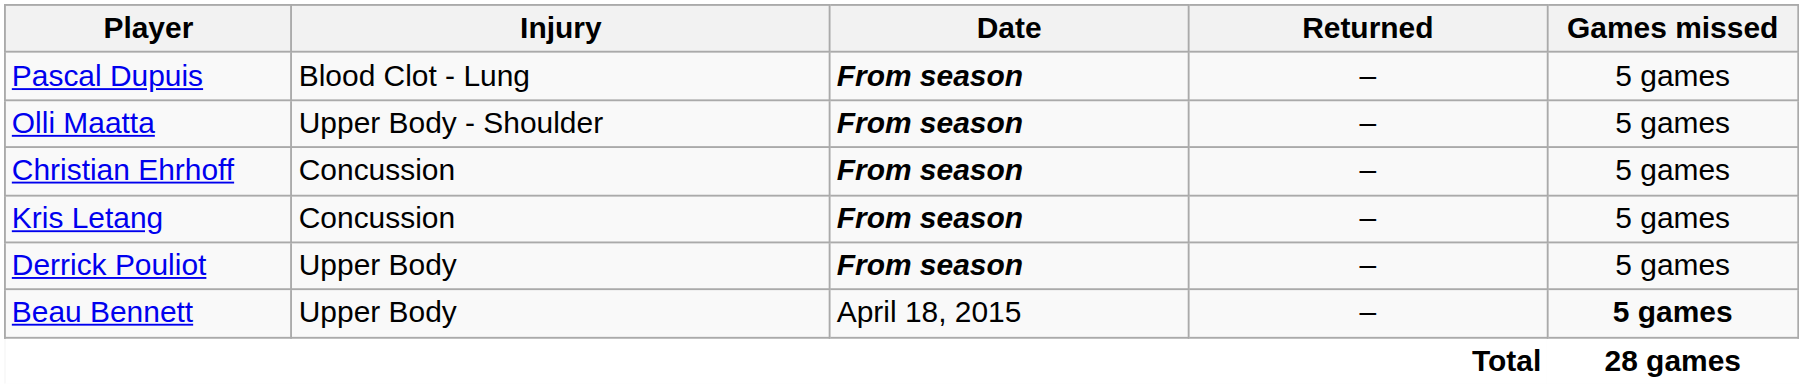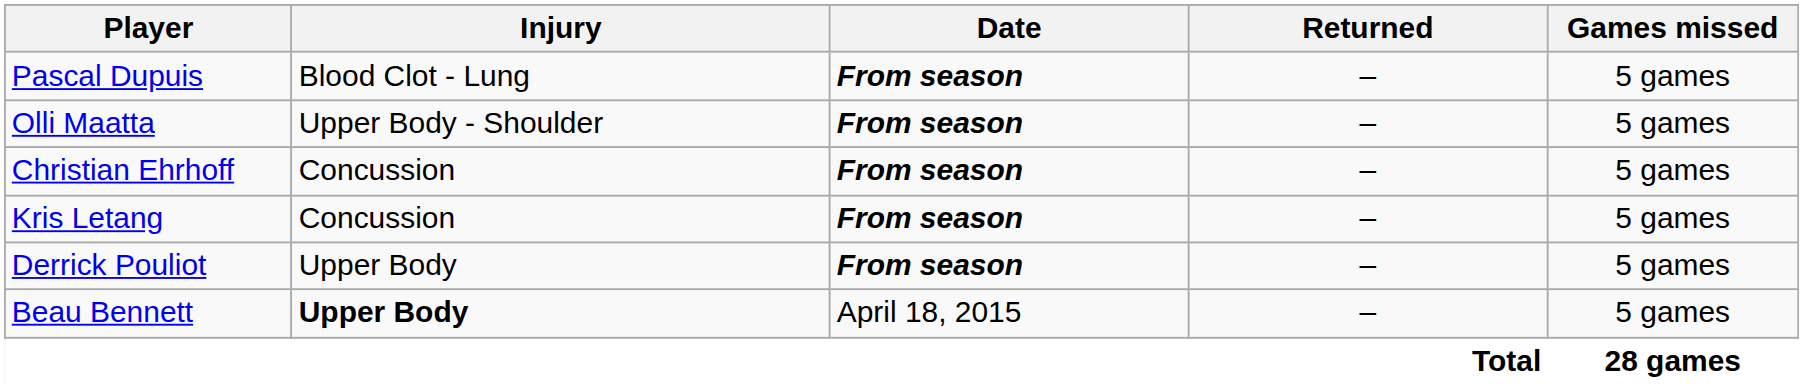 <table class="wikitable" style="width:60em; border:0;">
 <tr>
 <th width=16%>Player</th>
 <th width=30% class=unsortable>Injury</th>
 <th width=20% class=unsortable>Date</th>
 <th width=20% class=unsortable>Returned</th>
 <th width=14% class=unsortable>Games missed</th>
 </tr>
 <tr>
 <td><a href='#'>Pascal Dupuis</a></td>
 <td>Blood Clot - Lung</td>
 <td><strong><em>From season</em></strong></td>
 <td align=center>–</td>
 <td align=center>5 games</td>
 </tr>
 <tr>
 <td><a href='#'>Olli Maatta</a></td>
 <td>Upper Body - Shoulder</td>
 <td><strong><em>From season</em></strong></td>
 <td align=center>–</td>
 <td align=center>5 games</td>
 </tr>
 <tr>
 <td><a href='#'>Christian Ehrhoff</a></td>
 <td>Concussion</td>
 <td><strong><em>From season</em></strong></td>
 <td align=center>–</td>
 <td align=center>5 games</td>
 </tr>
 <tr>
 <td><a href='#'>Kris Letang</a></td>
 <td>Concussion</td>
 <td><strong><em>From season</em></strong></td>
 <td align=center>–</td>
 <td align=center>5 games</td>
 </tr>
 <tr>
 <td><a href='#'>Derrick Pouliot</a></td>
 <td>Upper Body</td>
 <td><strong><em>From season</em></strong></td>
 <td align=center>–</td>
 <td align=center>5 games</td>
 </tr>
 <tr>
 <td><a href='#'>Beau Bennett</a></td>
-<td>Upper Body</td>
+<td><strong>Upper Body</strong></td>
 <td>April 18, 2015</td>
 <td align=center>–</td>
-<td align=center><strong>5 games</strong></td>
+<td align=center>5 games</td>
 </tr>
 <tr style="background:#FFF; font-weight:bold;" class=sortbottom>
 <td colspan=4 style="text-align:right; border:0;">Total</td>
 <td style="text-align:center; border:0;">28 games</td>
 </tr>
 </table>
